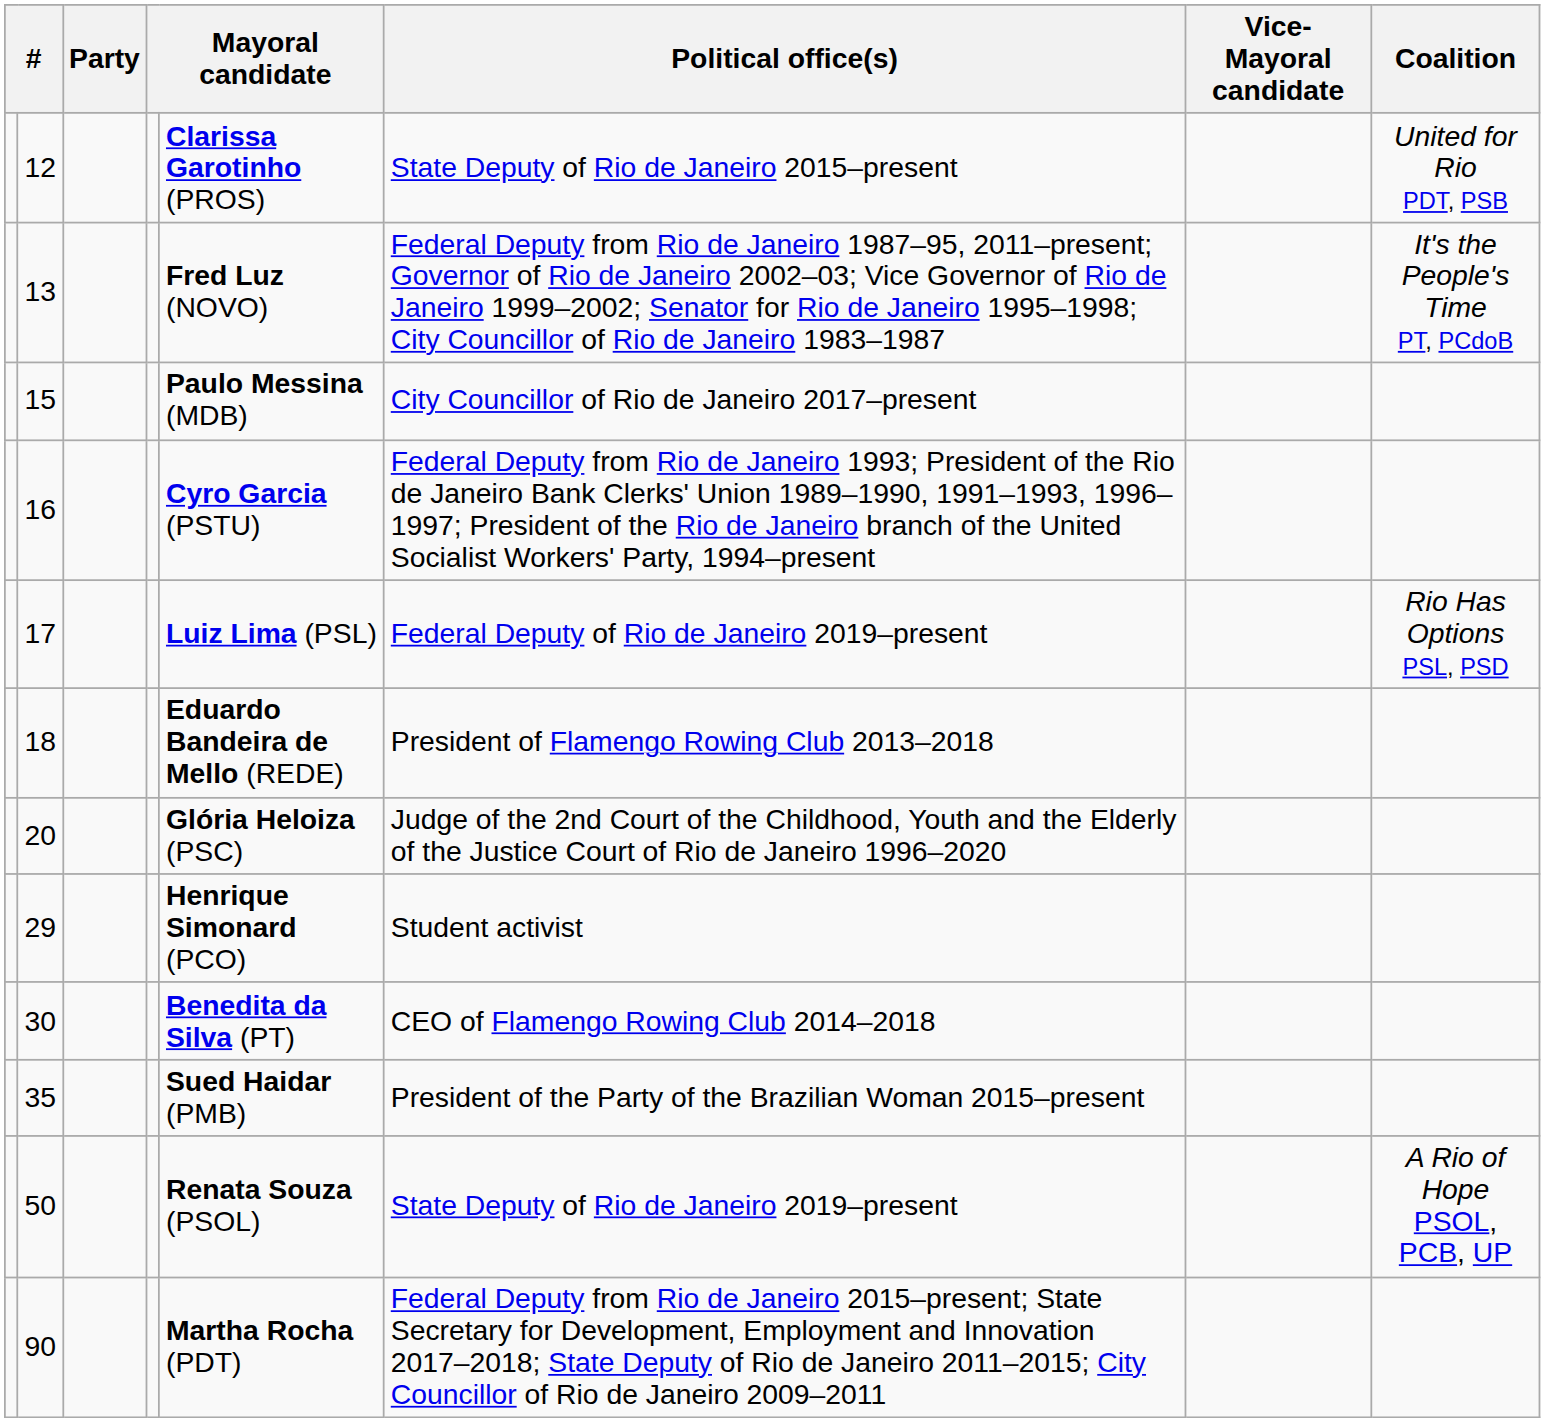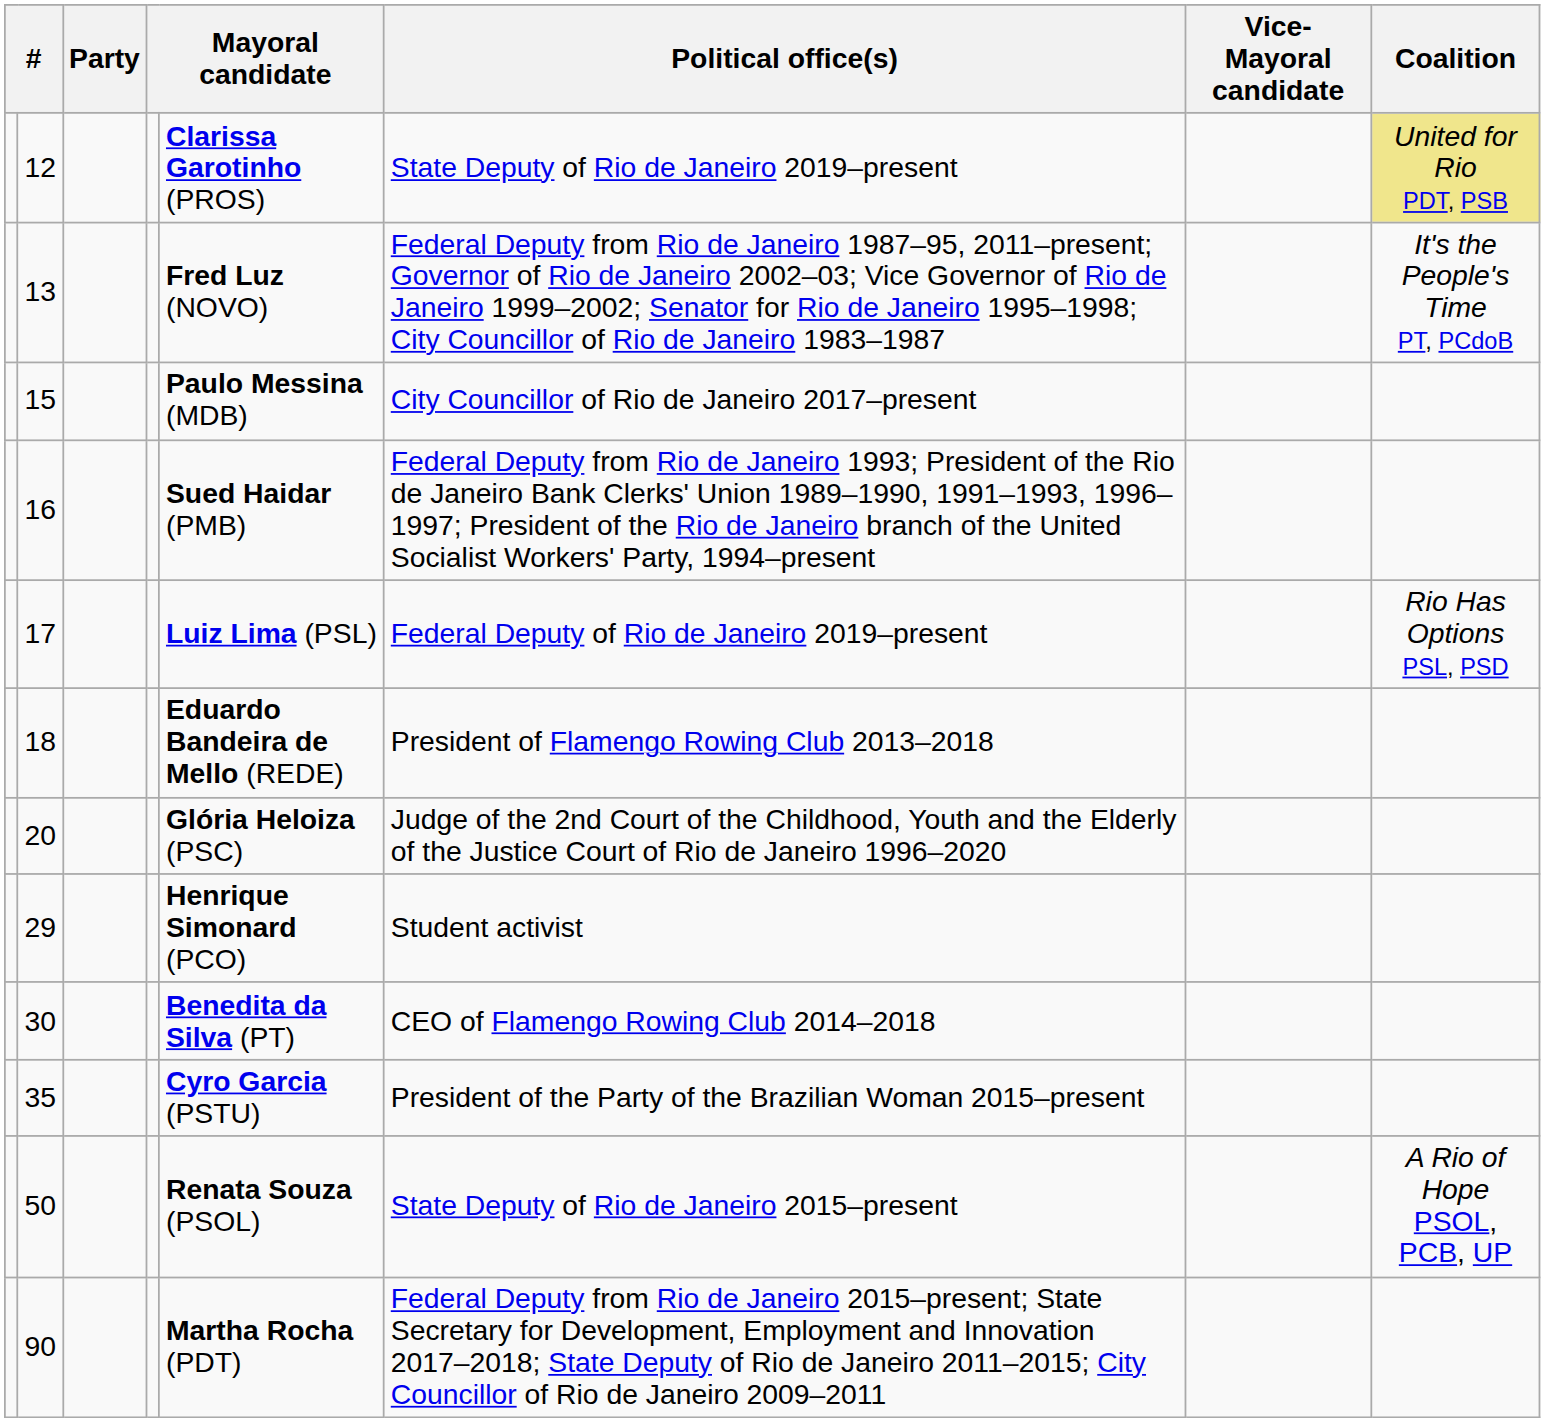 <table class="wikitable">
 <tr>
 <th colspan=2>#</th>
 <th>Party</th>
 <th colspan=2>Mayoral candidate</th>
 <th>Political office(s)</th>
 <th>Vice-Mayoral candidate</th>
 <th>Coalition</th>
 </tr>
 <tr>
 <td style="background:"></td>
 <td>12</td>
 <td></td>
 <td></td>
 <td><strong><a href='#'>Clarissa Garotinho</a></strong> (PROS)</td>
-<td><a href='#'>State Deputy</a> of <a href='#'>Rio de Janeiro</a> 2015–present</td>
+<td><a href='#'>State Deputy</a> of <a href='#'>Rio de Janeiro</a> 2019–present</td>
 <td></td>
-<td style="text-align:center;"><em>United for Rio</em><br><small><a href='#'>PDT</a>, <a href='#'>PSB</a></small></td>
+<td style="background: khaki; text-align:center;"><em>United for Rio</em><br><small><a href='#'>PDT</a>, <a href='#'>PSB</a></small></td>
 </tr>
 <tr>
 <td style="background:"></td>
 <td>13</td>
 <td></td>
 <td></td>
 <td><strong>Fred Luz</strong> (NOVO)</td>
 <td><a href='#'>Federal Deputy</a> from <a href='#'>Rio de Janeiro</a> 1987–95, 2011–present; <a href='#'>Governor</a> of <a href='#'>Rio de Janeiro</a> 2002–03; Vice Governor of <a href='#'>Rio de Janeiro</a> 1999–2002; <a href='#'>Senator</a> for <a href='#'>Rio de Janeiro</a> 1995–1998; <a href='#'>City Councillor</a> of <a href='#'>Rio de Janeiro</a> 1983–1987</td>
 <td></td>
 <td style="text-align:center;"><em>It's the People's Time</em><br><small><a href='#'>PT</a>, <a href='#'>PCdoB</a></small></td>
 </tr>
 <tr>
 <td style="background:"></td>
 <td>15</td>
 <td></td>
 <td></td>
 <td><strong>Paulo Messina</strong> (MDB)</td>
 <td><a href='#'>City Councillor</a> of Rio de Janeiro 2017–present</td>
 <td></td>
 <td></td>
 </tr>
 <tr>
 <td style="background:"></td>
 <td>16</td>
 <td></td>
 <td></td>
-<td><strong><a href='#'>Cyro Garcia</a></strong> (PSTU)</td>
+<td><strong>Sued Haidar</strong> (PMB)</td>
 <td><a href='#'>Federal Deputy</a> from <a href='#'>Rio de Janeiro</a> 1993; President of the Rio de Janeiro Bank Clerks' Union 1989–1990, 1991–1993, 1996–1997; President of the <a href='#'>Rio de Janeiro</a> branch of the United Socialist Workers' Party, 1994–present</td>
 <td></td>
 <td></td>
 </tr>
 <tr>
 <td style="background:"></td>
 <td>17</td>
 <td></td>
 <td></td>
 <td><strong><a href='#'>Luiz Lima</a></strong> (PSL)</td>
 <td><a href='#'>Federal Deputy</a> of <a href='#'>Rio de Janeiro</a> 2019–present</td>
 <td></td>
 <td style="text-align:center;"><em>Rio Has Options</em><br><small><a href='#'>PSL</a>, <a href='#'>PSD</a></small></td>
 </tr>
 <tr>
 <td style="background:"></td>
 <td>18</td>
 <td></td>
 <td></td>
 <td><strong>Eduardo Bandeira de Mello</strong> (REDE)</td>
 <td>President of <a href='#'>Flamengo Rowing Club</a> 2013–2018</td>
 <td></td>
 <td></td>
 </tr>
 <tr>
 <td style="background:"></td>
 <td>20</td>
 <td></td>
 <td></td>
 <td><strong>Glória Heloiza</strong> (PSC)</td>
 <td>Judge of the 2nd Court of the Childhood, Youth and the Elderly of the Justice Court of Rio de Janeiro 1996–2020</td>
 <td></td>
 <td></td>
 </tr>
 <tr>
 <td style="background:"></td>
 <td>29</td>
 <td></td>
 <td></td>
 <td><strong>Henrique Simonard</strong> (PCO)</td>
 <td>Student activist</td>
 <td></td>
 <td></td>
 </tr>
 <tr>
 <td style="background:"></td>
 <td>30</td>
 <td></td>
 <td></td>
 <td><strong><a href='#'>Benedita da Silva</a></strong> (PT)</td>
 <td>CEO of <a href='#'>Flamengo Rowing Club</a> 2014–2018</td>
 <td></td>
 <td></td>
 </tr>
 <tr>
 <td style="background:"></td>
 <td>35</td>
 <td></td>
 <td></td>
-<td><strong>Sued Haidar</strong> (PMB)</td>
+<td><strong><a href='#'>Cyro Garcia</a></strong> (PSTU)</td>
 <td>President of the Party of the Brazilian Woman 2015–present</td>
 <td></td>
 <td></td>
 </tr>
 <tr>
 <td style="background:"></td>
 <td>50</td>
 <td></td>
 <td></td>
 <td><strong>Renata Souza</strong> (PSOL)</td>
-<td><a href='#'>State Deputy</a> of <a href='#'>Rio de Janeiro</a> 2019–present</td>
+<td><a href='#'>State Deputy</a> of <a href='#'>Rio de Janeiro</a> 2015–present</td>
 <td></td>
 <td style="text-align:center;"><em>A Rio of Hope</em><br><a href='#'>PSOL</a>, <a href='#'>PCB</a>, <a href='#'>UP</a></td>
 </tr>
 <tr>
 <td style="background:"></td>
 <td>90</td>
 <td></td>
 <td></td>
 <td><strong>Martha Rocha</strong> (PDT)</td>
 <td><a href='#'>Federal Deputy</a> from <a href='#'>Rio de Janeiro</a> 2015–present; State Secretary for Development, Employment and Innovation 2017–2018; <a href='#'>State Deputy</a> of Rio de Janeiro 2011–2015; <a href='#'>City Councillor</a> of Rio de Janeiro 2009–2011</td>
 <td></td>
 <td></td>
 </tr>
 </table>
